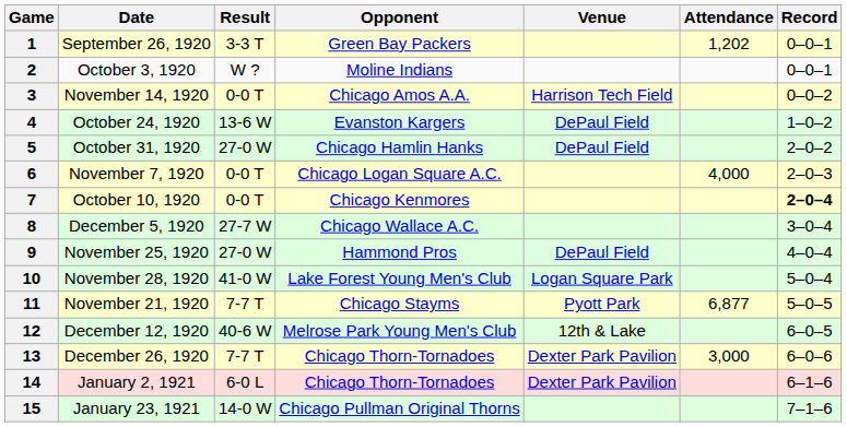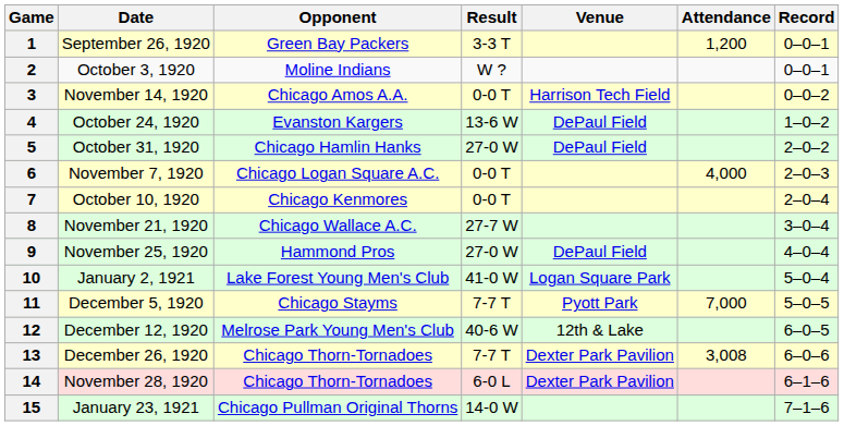 <table class="wikitable" style="text-align:center">
 <tr>
 <th>Game</th>
 <th>Date</th>
+<th>Opponent</th>
 <th>Result</th>
-<th>Opponent</th>
 <th>Venue</th>
 <th>Attendance</th>
 <th>Record</th>
 </tr>
 <tr style="background:#ffffcc;">
 <th scope="row">1</th>
 <td>September 26, 1920</td>
+<td><a href='#'>Green Bay Packers</a></td>
 <td>3-3 T</td>
-<td><a href='#'>Green Bay Packers</a></td>
 <td></td>
-<td>1,202</td>
+<td>1,200</td>
 <td>0–0–1</td>
 </tr>
 <tr style="background:">
 <th scope="row">2</th>
 <td>October 3, 1920</td>
+<td><a href='#'>Moline Indians</a></td>
 <td>W ?</td>
-<td><a href='#'>Moline Indians</a></td>
 <td></td>
 <td></td>
 <td>0–0–1</td>
 </tr>
 <tr style="background:#ffffcc;">
 <th scope="row">3</th>
 <td>November 14, 1920</td>
+<td><a href='#'>Chicago Amos A.A.</a></td>
 <td>0-0 T</td>
-<td><a href='#'>Chicago Amos A.A.</a></td>
 <td><a href='#'>Harrison Tech Field</a></td>
 <td></td>
 <td>0–0–2</td>
 </tr>
 <tr style="background:#dfd;">
 <th scope="row">4</th>
 <td>October 24, 1920</td>
+<td><a href='#'>Evanston Kargers</a></td>
 <td>13-6 W</td>
-<td><a href='#'>Evanston Kargers</a></td>
 <td><a href='#'>DePaul Field</a></td>
 <td></td>
 <td>1–0–2</td>
 </tr>
 <tr style="background:#dfd;">
 <th scope="row">5</th>
 <td>October 31, 1920</td>
+<td><a href='#'>Chicago Hamlin Hanks</a></td>
 <td>27-0 W</td>
-<td><a href='#'>Chicago Hamlin Hanks</a></td>
 <td><a href='#'>DePaul Field</a></td>
 <td></td>
 <td>2–0–2</td>
 </tr>
 <tr style="background:#ffffcc;">
 <th scope="row">6</th>
 <td>November 7, 1920</td>
+<td><a href='#'>Chicago Logan Square A.C.</a></td>
 <td>0-0 T</td>
-<td><a href='#'>Chicago Logan Square A.C.</a></td>
 <td></td>
 <td>4,000</td>
 <td>2–0–3</td>
 </tr>
 <tr style="background:#ffffcc;">
 <th scope="row">7</th>
 <td>October 10, 1920</td>
+<td><a href='#'>Chicago Kenmores</a></td>
 <td>0-0 T</td>
-<td><a href='#'>Chicago Kenmores</a></td>
 <td></td>
 <td></td>
-<td><strong>2–0–4</strong></td>
+<td>2–0–4</td>
 </tr>
 <tr style="background:#dfd;">
 <th scope="row">8</th>
-<td>December 5, 1920</td>
+<td>November 21, 1920</td>
+<td><a href='#'>Chicago Wallace A.C.</a></td>
 <td>27-7 W</td>
-<td><a href='#'>Chicago Wallace A.C.</a></td>
 <td></td>
 <td></td>
 <td>3–0–4</td>
 </tr>
 <tr style="background:#dfd;">
 <th scope="row">9</th>
 <td>November 25, 1920</td>
+<td><a href='#'>Hammond Pros</a></td>
 <td>27-0 W</td>
-<td><a href='#'>Hammond Pros</a></td>
 <td><a href='#'>DePaul Field</a></td>
 <td></td>
 <td>4–0–4</td>
 </tr>
 <tr style="background:#dfd;">
 <th scope="row">10</th>
-<td>November 28, 1920</td>
+<td>January 2, 1921</td>
+<td><a href='#'>Lake Forest Young Men's Club</a></td>
 <td>41-0 W</td>
-<td><a href='#'>Lake Forest Young Men's Club</a></td>
 <td><a href='#'>Logan Square Park</a></td>
 <td></td>
 <td>5–0–4</td>
 </tr>
 <tr style="background:#ffffcc;">
 <th scope="row">11</th>
-<td>November 21, 1920</td>
+<td>December 5, 1920</td>
+<td><a href='#'>Chicago Stayms</a></td>
 <td>7-7 T</td>
-<td><a href='#'>Chicago Stayms</a></td>
 <td><a href='#'>Pyott Park</a></td>
-<td>6,877</td>
+<td>7,000</td>
 <td>5–0–5</td>
 </tr>
 <tr style="background:#dfd;">
 <th scope="row">12</th>
 <td>December 12, 1920</td>
+<td><a href='#'>Melrose Park Young Men's Club</a></td>
 <td>40-6 W</td>
-<td><a href='#'>Melrose Park Young Men's Club</a></td>
 <td>12th & Lake</td>
 <td></td>
 <td>6–0–5</td>
 </tr>
 <tr style="background:#ffffcc;">
 <th scope="row">13</th>
 <td>December 26, 1920</td>
+<td><a href='#'>Chicago Thorn-Tornadoes</a></td>
 <td>7-7 T</td>
-<td><a href='#'>Chicago Thorn-Tornadoes</a></td>
 <td><a href='#'>Dexter Park Pavilion</a></td>
-<td>3,000</td>
+<td>3,008</td>
 <td>6–0–6</td>
 </tr>
 <tr style="background: #ffdddd;">
 <th scope="row">14</th>
-<td>January 2, 1921</td>
+<td>November 28, 1920</td>
+<td><a href='#'>Chicago Thorn-Tornadoes</a></td>
 <td>6-0 L</td>
-<td><a href='#'>Chicago Thorn-Tornadoes</a></td>
 <td><a href='#'>Dexter Park Pavilion</a></td>
 <td></td>
 <td>6–1–6</td>
 </tr>
 <tr style="background:#dfd;">
 <th scope="row">15</th>
 <td>January 23, 1921</td>
+<td><a href='#'>Chicago Pullman Original Thorns</a></td>
 <td>14-0 W</td>
-<td><a href='#'>Chicago Pullman Original Thorns</a></td>
 <td></td>
 <td></td>
 <td>7–1–6</td>
 </tr>
 </table>
